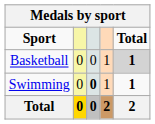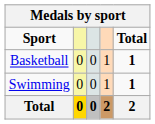 <table class="wikitable" style="font-size:85%; float:right;">
 <tr style="background:#efefef;">
 <th colspan=7>Medals by sport</th>
 </tr>
 <tr align=center>
 <td><strong>Sport</strong></td>
 <td bgcolor=#f7f6a8></td>
 <td bgcolor=#dce5e5></td>
 <td bgcolor=#ffdab9></td>
 <td><strong>Total</strong></td>
 </tr>
 <tr align=center>
 <td><a href='#'>Basketball</a></td>
 <td style="background:#F7F6A8;">0</td>
 <td style="background:#DCE5E5;">0</td>
 <td style="background:#FFDAB9;">1</td>
-<td style="background: lightgrey;"><strong>1</strong></td>
+<td><strong>1</strong></td>
 </tr>
 <tr align=center>
 <td><a href='#'>Swimming</a></td>
 <td style="background:#F7F6A8;">0</td>
-<td style="background:#DCE5E5;"><strong>0</strong></td>
+<td style="background:#DCE5E5;">0</td>
 <td style="background:#FFDAB9;">1</td>
 <td><strong>1</strong></td>
 </tr>
 <tr align=center>
 <th>Total</th>
 <th style="background:gold;">0</th>
 <th style="background:silver;">0</th>
 <th style="background:#c96;">2</th>
 <th>2</th>
 </tr>
 </table>
